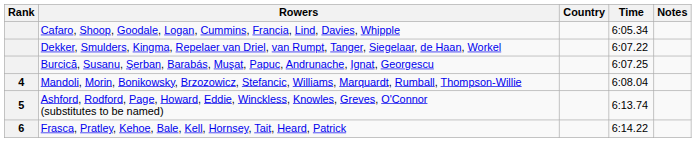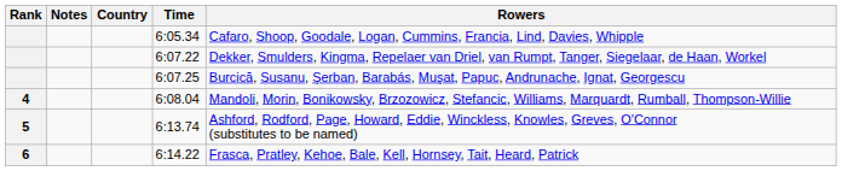 <table class="wikitable" width=80%>
 <tr>
 <th>Rank</th>
-<th>Rowers</th>
+<th>Notes</th>
 <th>Country</th>
 <th>Time</th>
-<th>Notes</th>
+<th>Rowers</th>
 </tr>
 <tr>
 <th></th>
-<td><a href='#'>Cafaro</a>, <a href='#'>Shoop</a>, <a href='#'>Goodale</a>, <a href='#'>Logan</a>, <a href='#'>Cummins</a>, <a href='#'>Francia</a>, <a href='#'>Lind</a>, <a href='#'>Davies</a>, <a href='#'>Whipple</a></td>
+<td></td>
 <td></td>
 <td>6:05.34</td>
-<td></td>
+<td><a href='#'>Cafaro</a>, <a href='#'>Shoop</a>, <a href='#'>Goodale</a>, <a href='#'>Logan</a>, <a href='#'>Cummins</a>, <a href='#'>Francia</a>, <a href='#'>Lind</a>, <a href='#'>Davies</a>, <a href='#'>Whipple</a></td>
 </tr>
 <tr>
 <th></th>
-<td><a href='#'>Dekker</a>, <a href='#'>Smulders</a>, <a href='#'>Kingma</a>, <a href='#'>Repelaer van Driel</a>, <a href='#'>van Rumpt</a>, <a href='#'>Tanger</a>, <a href='#'>Siegelaar</a>, <a href='#'>de Haan</a>,  <a href='#'>Workel</a></td>
+<td></td>
 <td></td>
 <td>6:07.22</td>
-<td></td>
+<td><a href='#'>Dekker</a>, <a href='#'>Smulders</a>, <a href='#'>Kingma</a>, <a href='#'>Repelaer van Driel</a>, <a href='#'>van Rumpt</a>, <a href='#'>Tanger</a>, <a href='#'>Siegelaar</a>, <a href='#'>de Haan</a>,  <a href='#'>Workel</a></td>
 </tr>
 <tr>
 <th></th>
-<td><a href='#'>Burcică</a>, <a href='#'>Susanu</a>, <a href='#'>Şerban</a>, <a href='#'>Barabás</a>, <a href='#'>Muşat</a>, <a href='#'>Papuc</a>, <a href='#'>Andrunache</a>, <a href='#'>Ignat</a>, <a href='#'>Georgescu</a></td>
+<td></td>
 <td></td>
 <td>6:07.25</td>
-<td></td>
+<td><a href='#'>Burcică</a>, <a href='#'>Susanu</a>, <a href='#'>Şerban</a>, <a href='#'>Barabás</a>, <a href='#'>Muşat</a>, <a href='#'>Papuc</a>, <a href='#'>Andrunache</a>, <a href='#'>Ignat</a>, <a href='#'>Georgescu</a></td>
 </tr>
 <tr>
 <th>4</th>
-<td><a href='#'>Mandoli</a>, <a href='#'>Morin</a>, <a href='#'>Bonikowsky</a>, <a href='#'>Brzozowicz</a>, <a href='#'>Stefancic</a>, <a href='#'>Williams</a>, <a href='#'>Marquardt</a>, <a href='#'>Rumball</a>, <a href='#'>Thompson-Willie</a></td>
+<td></td>
 <td></td>
 <td>6:08.04</td>
-<td></td>
+<td><a href='#'>Mandoli</a>, <a href='#'>Morin</a>, <a href='#'>Bonikowsky</a>, <a href='#'>Brzozowicz</a>, <a href='#'>Stefancic</a>, <a href='#'>Williams</a>, <a href='#'>Marquardt</a>, <a href='#'>Rumball</a>, <a href='#'>Thompson-Willie</a></td>
 </tr>
 <tr>
 <th>5</th>
-<td><a href='#'>Ashford</a>, <a href='#'>Rodford</a>, <a href='#'>Page</a>, <a href='#'>Howard</a>, <a href='#'>Eddie</a>, <a href='#'>Winckless</a>, <a href='#'>Knowles</a>, <a href='#'>Greves</a>, <a href='#'>O'Connor</a> <br> (substitutes to be named)</td>
+<td></td>
 <td></td>
 <td>6:13.74</td>
-<td></td>
+<td><a href='#'>Ashford</a>, <a href='#'>Rodford</a>, <a href='#'>Page</a>, <a href='#'>Howard</a>, <a href='#'>Eddie</a>, <a href='#'>Winckless</a>, <a href='#'>Knowles</a>, <a href='#'>Greves</a>, <a href='#'>O'Connor</a> <br> (substitutes to be named)</td>
 </tr>
 <tr>
 <th>6</th>
-<td><a href='#'>Frasca</a>, <a href='#'>Pratley</a>, <a href='#'>Kehoe</a>, <a href='#'>Bale</a>, <a href='#'>Kell</a>, <a href='#'>Hornsey</a>, <a href='#'>Tait</a>, <a href='#'>Heard</a>, <a href='#'>Patrick</a></td>
+<td></td>
 <td></td>
 <td>6:14.22</td>
-<td></td>
+<td><a href='#'>Frasca</a>, <a href='#'>Pratley</a>, <a href='#'>Kehoe</a>, <a href='#'>Bale</a>, <a href='#'>Kell</a>, <a href='#'>Hornsey</a>, <a href='#'>Tait</a>, <a href='#'>Heard</a>, <a href='#'>Patrick</a></td>
 </tr>
 </table>
